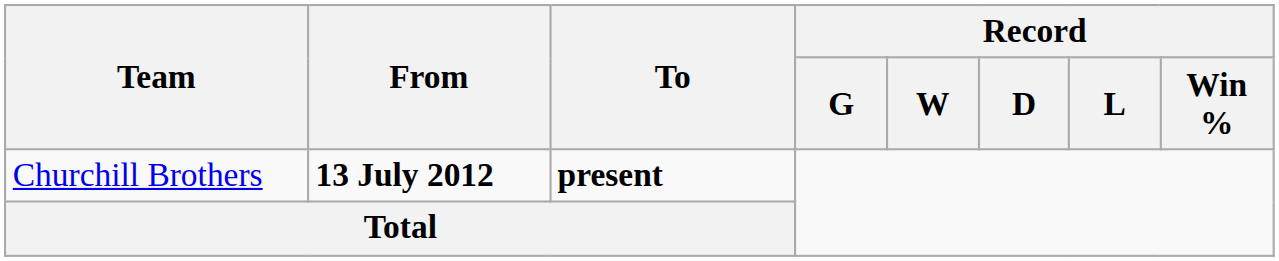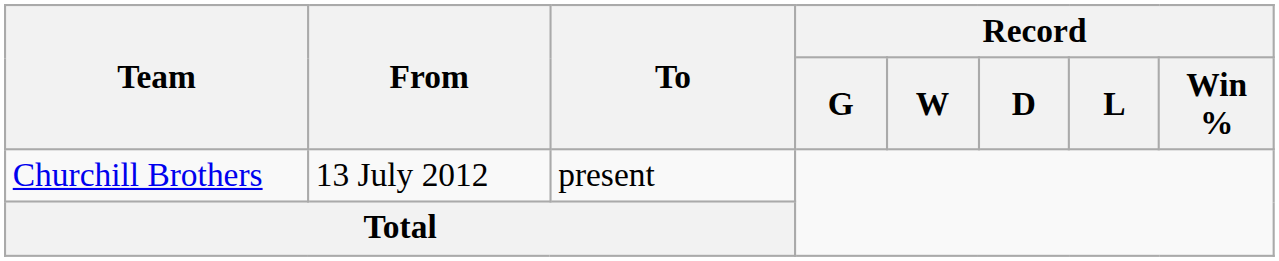 <table class="wikitable" style="text-align: center">
 <tr>
 <th rowspan="2" style="width:150px;">Team</th>
 <th rowspan="2" style="width:120px;">From</th>
 <th rowspan="2" style="width:120px;">To</th>
 <th colspan=7>Record</th>
 </tr>
 <tr>
 <th width=40>G</th>
 <th width=40>W</th>
 <th width=40>D</th>
 <th width=40>L</th>
 <th width=50>Win %</th>
 </tr>
 <tr>
 <td align=left><a href='#'>Churchill Brothers</a></td>
-<td align=left><strong>13 July 2012</strong></td>
-<td align=left><strong>present<br></strong></td>
+<td align=left>13 July 2012</td>
+<td align=left>present<br></td>
 </tr>
 <tr>
 <th colspan="3">Total<br></th>
 </tr>
 </table>
